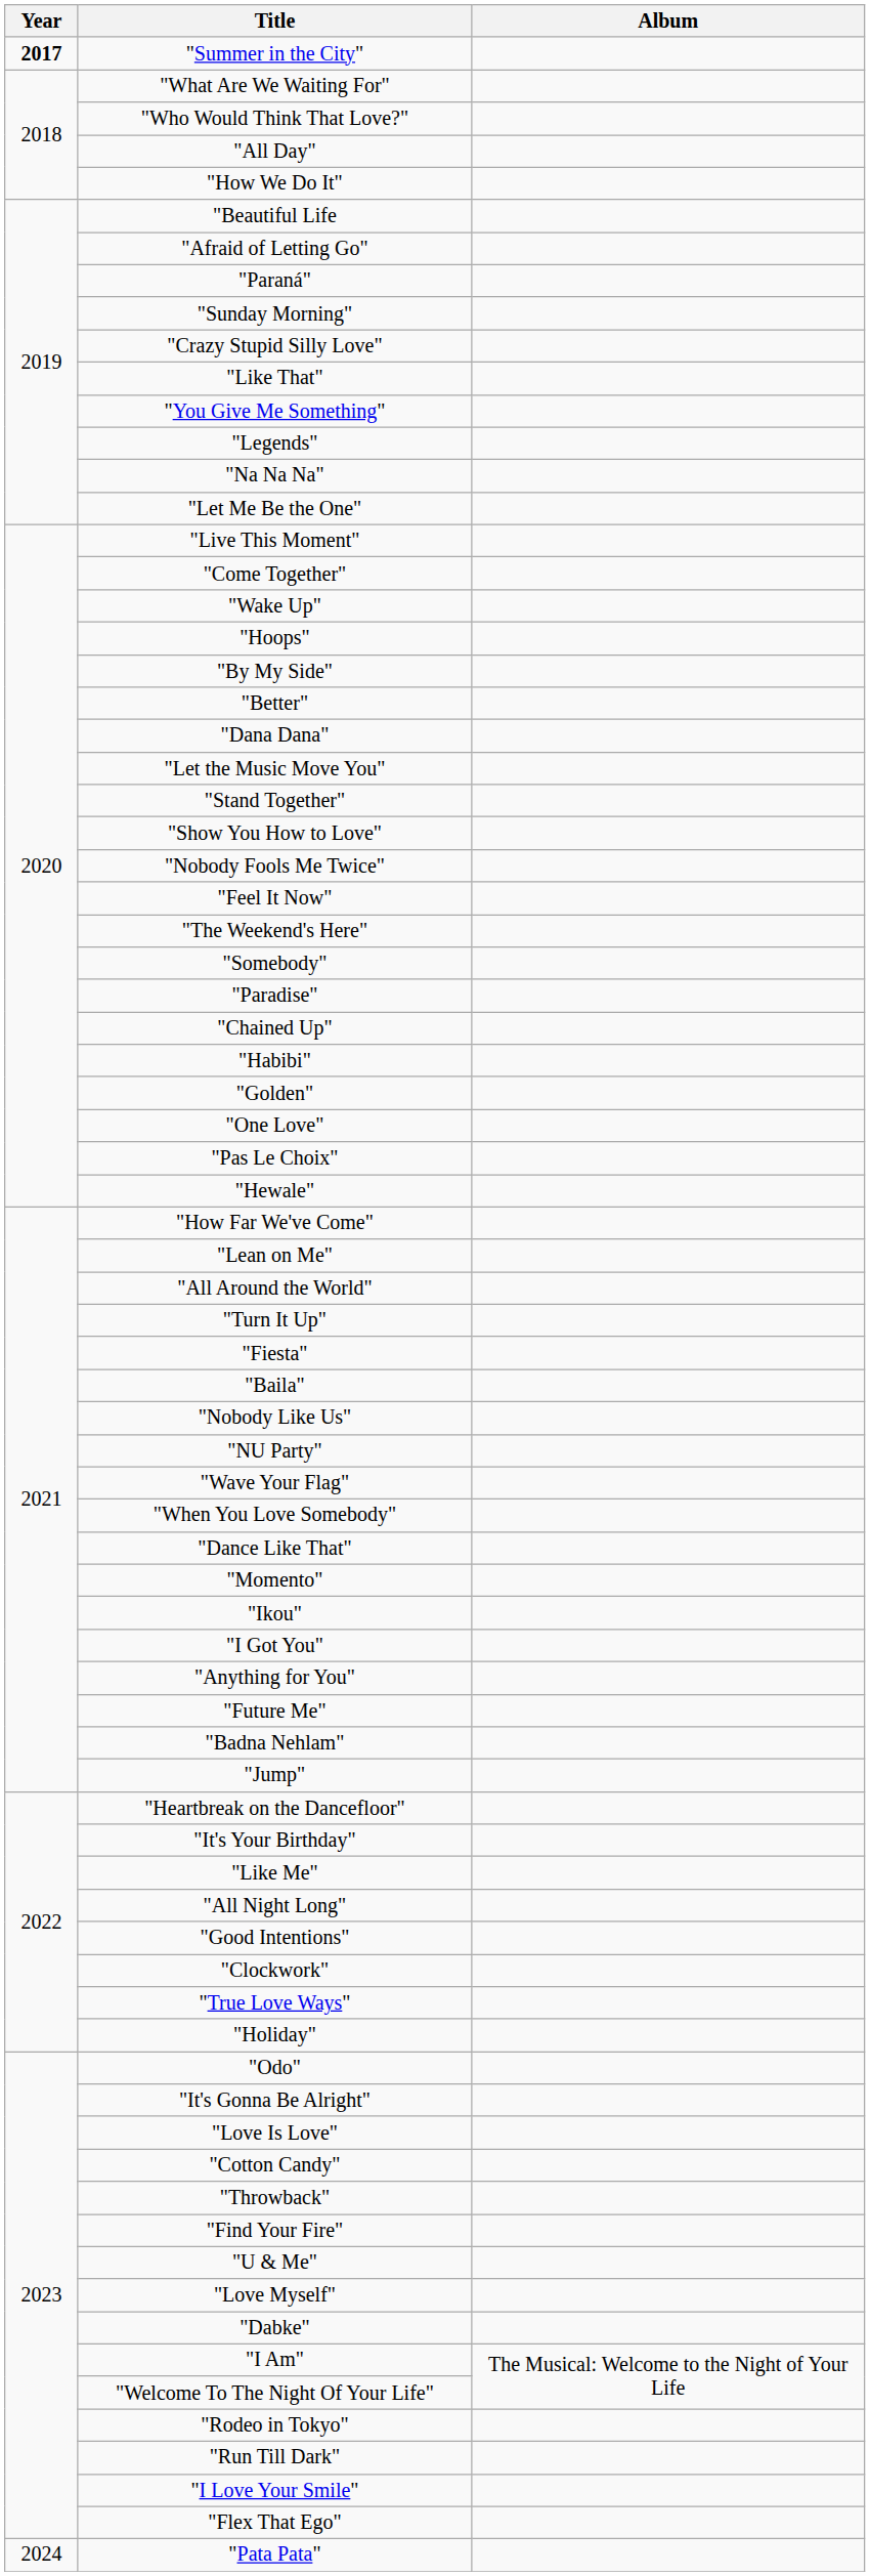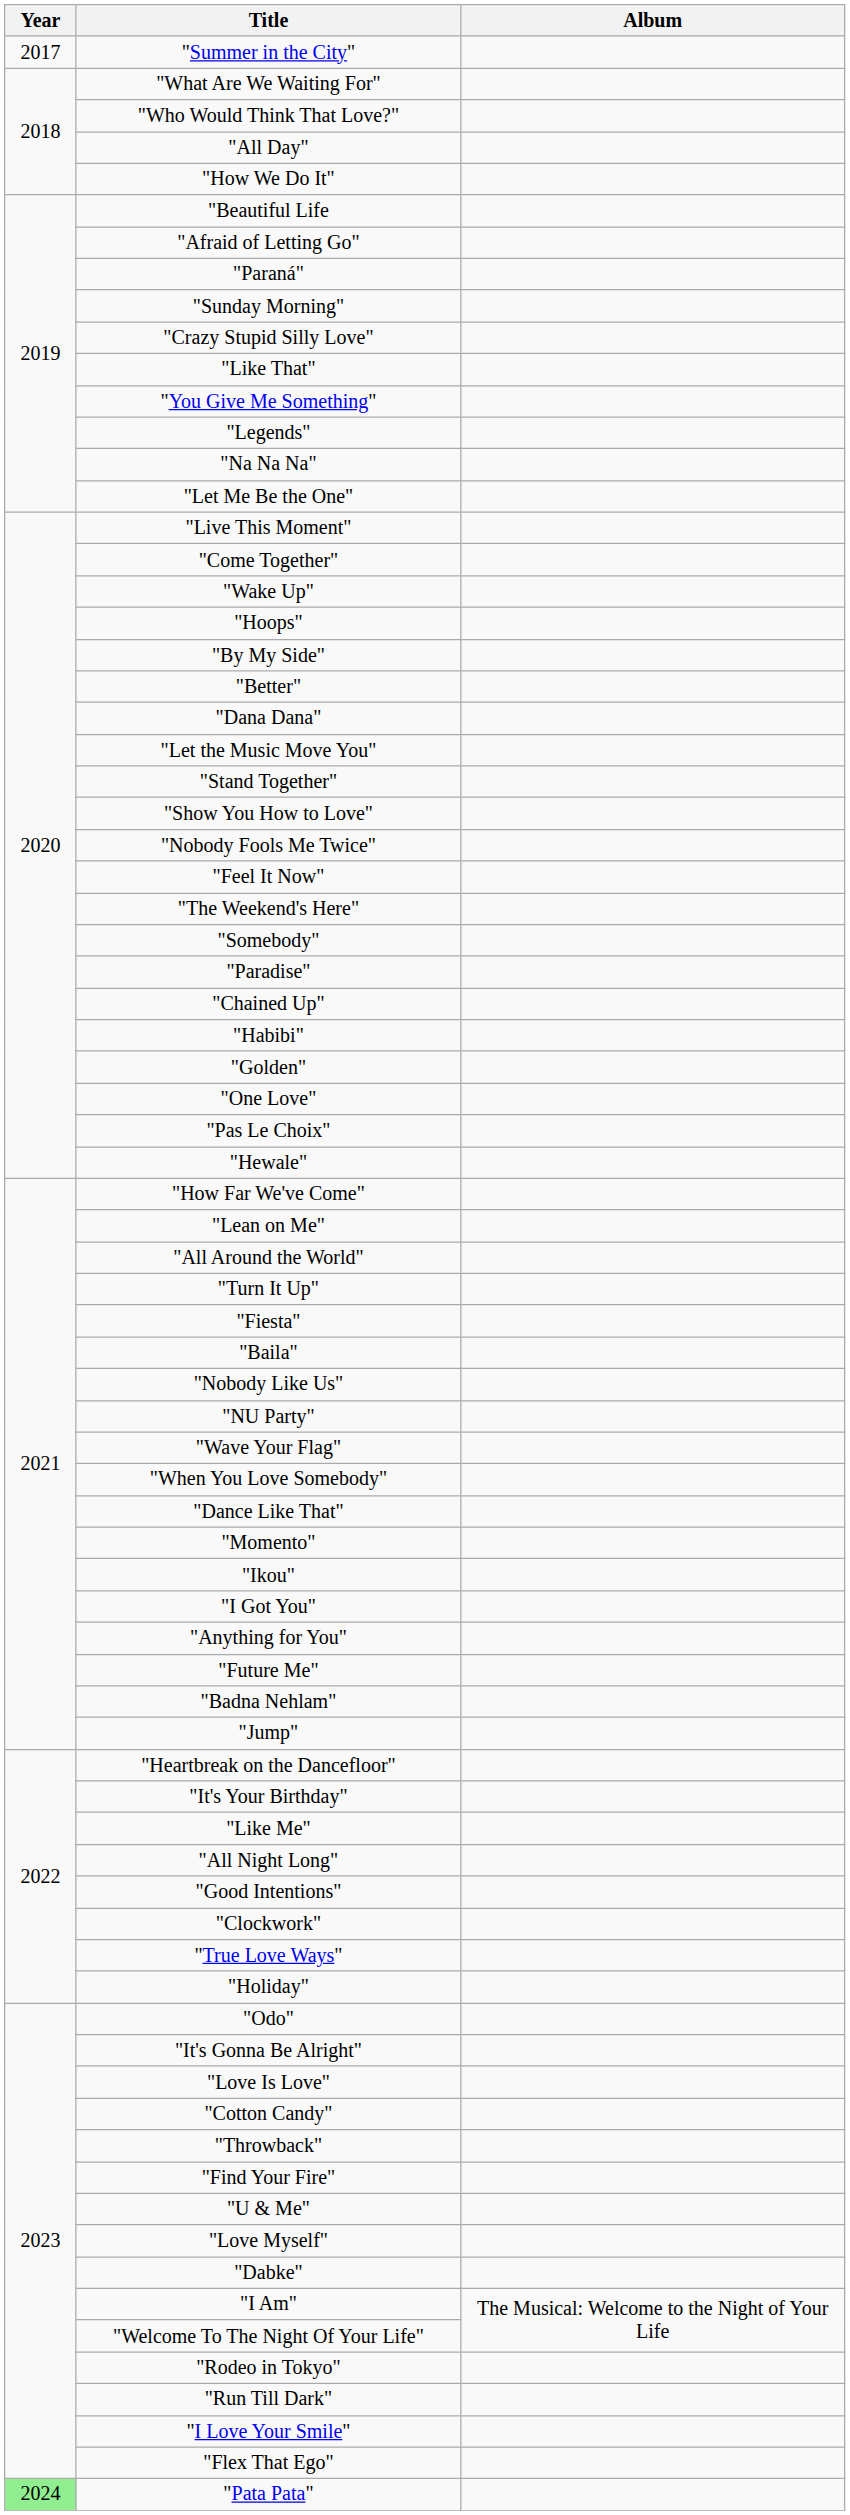 <table class="wikitable plainrowheaders" style="text-align:center;">
 <tr>
 <th scope="col" style="width:50px;">Year</th>
 <th scope="col" style="width:300px;">Title</th>
 <th scope="col" style="width:300px;">Album</th>
 </tr>
 <tr>
-<td><strong>2017</strong></td>
+<td>2017</td>
 <td>"<a href='#'>Summer in the City</a>"</td>
 <td></td>
 </tr>
 <tr>
 <td rowspan="4">2018</td>
 <td>"What Are We Waiting For"</td>
 <td></td>
 </tr>
 <tr>
 <td>"Who Would Think That Love?"</td>
 <td></td>
 </tr>
 <tr>
 <td>"All Day"</td>
 <td></td>
 </tr>
 <tr>
 <td>"How We Do It" </td>
 <td></td>
 </tr>
 <tr>
 <td rowspan="10">2019</td>
 <td>"Beautiful Life</td>
 <td></td>
 </tr>
 <tr>
 <td>"Afraid of Letting Go"</td>
 <td></td>
 </tr>
 <tr>
 <td>"Paraná"</td>
 <td></td>
 </tr>
 <tr>
 <td>"Sunday Morning"</td>
 <td></td>
 </tr>
 <tr>
 <td>"Crazy Stupid Silly Love"</td>
 <td></td>
 </tr>
 <tr>
 <td>"Like That"</td>
 <td></td>
 </tr>
 <tr>
 <td>"<a href='#'>You Give Me Something</a>"</td>
 <td></td>
 </tr>
 <tr>
 <td>"Legends"</td>
 <td></td>
 </tr>
 <tr>
 <td>"Na Na Na"</td>
 <td></td>
 </tr>
 <tr>
 <td>"Let Me Be the One"</td>
 <td></td>
 </tr>
 <tr>
 <td rowspan="21">2020</td>
 <td>"Live This Moment"</td>
 <td></td>
 </tr>
 <tr>
 <td>"Come Together"</td>
 <td></td>
 </tr>
 <tr>
 <td>"Wake Up"</td>
 <td></td>
 </tr>
 <tr>
 <td>"Hoops"</td>
 <td></td>
 </tr>
 <tr>
 <td>"By My Side"</td>
 <td></td>
 </tr>
 <tr>
 <td>"Better"</td>
 <td></td>
 </tr>
 <tr>
 <td>"Dana Dana"</td>
 <td></td>
 </tr>
 <tr>
 <td>"Let the Music Move You"</td>
 <td></td>
 </tr>
 <tr>
 <td>"Stand Together"</td>
 <td></td>
 </tr>
 <tr>
 <td>"Show You How to Love"</td>
 <td></td>
 </tr>
 <tr>
 <td>"Nobody Fools Me Twice"</td>
 <td></td>
 </tr>
 <tr>
 <td>"Feel It Now"</td>
 <td></td>
 </tr>
 <tr>
 <td>"The Weekend's Here"</td>
 <td></td>
 </tr>
 <tr>
 <td>"Somebody"</td>
 <td></td>
 </tr>
 <tr>
 <td>"Paradise"</td>
 <td></td>
 </tr>
 <tr>
 <td>"Chained Up"</td>
 <td></td>
 </tr>
 <tr>
 <td>"Habibi"</td>
 <td></td>
 </tr>
 <tr>
 <td>"Golden"</td>
 <td></td>
 </tr>
 <tr>
 <td>"One Love" </td>
 <td></td>
 </tr>
 <tr>
 <td>"Pas Le Choix" </td>
 <td></td>
 </tr>
 <tr>
 <td>"Hewale"</td>
 <td></td>
 </tr>
 <tr>
 <td rowspan="18">2021</td>
 <td>"How Far We've Come"</td>
 <td></td>
 </tr>
 <tr>
 <td>"Lean on Me"</td>
 <td></td>
 </tr>
 <tr>
 <td>"All Around the World"</td>
 <td></td>
 </tr>
 <tr>
 <td>"Turn It Up"</td>
 <td></td>
 </tr>
 <tr>
 <td>"Fiesta"</td>
 <td></td>
 </tr>
 <tr>
 <td>"Baila"</td>
 <td></td>
 </tr>
 <tr>
 <td>"Nobody Like Us"</td>
 <td></td>
 </tr>
 <tr>
 <td>"NU Party"</td>
 <td></td>
 </tr>
 <tr>
 <td>"Wave Your Flag"</td>
 <td></td>
 </tr>
 <tr>
 <td>"When You Love Somebody"</td>
 <td></td>
 </tr>
 <tr>
 <td>"Dance Like That"</td>
 <td></td>
 </tr>
 <tr>
 <td>"Momento"</td>
 <td></td>
 </tr>
 <tr>
 <td>"Ikou"</td>
 <td></td>
 </tr>
 <tr>
 <td>"I Got You"</td>
 <td></td>
 </tr>
 <tr>
 <td>"Anything for You"</td>
 <td></td>
 </tr>
 <tr>
 <td>"Future Me"</td>
 <td></td>
 </tr>
 <tr>
 <td>"Badna Nehlam"</td>
 <td></td>
 </tr>
 <tr>
 <td>"Jump" </td>
 <td></td>
 </tr>
 <tr>
 <td rowspan="8”">2022</td>
 <td>"Heartbreak on the Dancefloor"</td>
 <td></td>
 </tr>
 <tr>
 <td>"It's Your Birthday"</td>
 <td></td>
 </tr>
 <tr>
 <td>"Like Me"</td>
 <td></td>
 </tr>
 <tr>
 <td>"All Night Long"</td>
 <td></td>
 </tr>
 <tr>
 <td>"Good Intentions"</td>
 <td></td>
 </tr>
 <tr>
 <td>"Clockwork"</td>
 <td></td>
 </tr>
 <tr>
 <td>"<a href='#'>True Love Ways</a>"</td>
 <td></td>
 </tr>
 <tr>
 <td>"Holiday"</td>
 <td></td>
 </tr>
 <tr>
 <td rowspan="15">2023</td>
 <td>"Odo"</td>
 <td></td>
 </tr>
 <tr>
 <td>"It's Gonna Be Alright"</td>
 <td></td>
 </tr>
 <tr>
 <td>"Love Is Love"</td>
 <td></td>
 </tr>
 <tr>
 <td>"Cotton Candy"</td>
 <td></td>
 </tr>
 <tr>
 <td>"Throwback"</td>
 <td></td>
 </tr>
 <tr>
 <td>"Find Your Fire"</td>
 <td></td>
 </tr>
 <tr>
 <td>"U & Me"</td>
 <td></td>
 </tr>
 <tr>
 <td>"Love Myself"</td>
 <td></td>
 </tr>
 <tr>
 <td>"Dabke"</td>
 <td></td>
 </tr>
 <tr>
 <td>"I Am"</td>
 <td rowspan="2">The Musical: Welcome to the Night of Your Life</td>
 </tr>
 <tr>
 <td>"Welcome To The Night Of Your Life" <br></td>
 </tr>
 <tr>
 <td>"Rodeo in Tokyo"</td>
 <td></td>
 </tr>
 <tr>
 <td>"Run Till Dark" </td>
 <td></td>
 </tr>
 <tr>
 <td>"<a href='#'>I Love Your Smile</a>"</td>
 <td></td>
 </tr>
 <tr>
 <td>"Flex That Ego"</td>
 <td></td>
 </tr>
 <tr>
-<td>2024</td>
+<td style="background: lightgreen;">2024</td>
 <td>"<a href='#'>Pata Pata</a>" </td>
 <td></td>
 </tr>
 </table>
